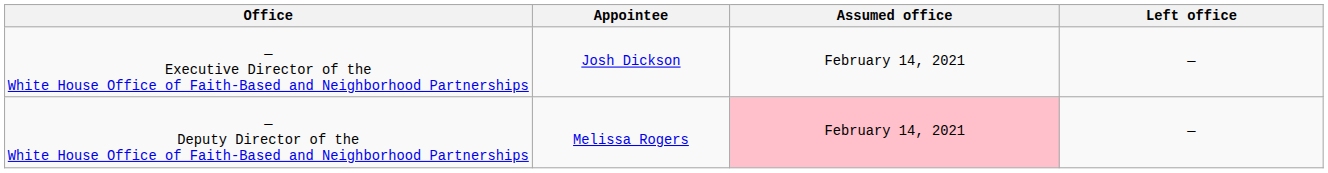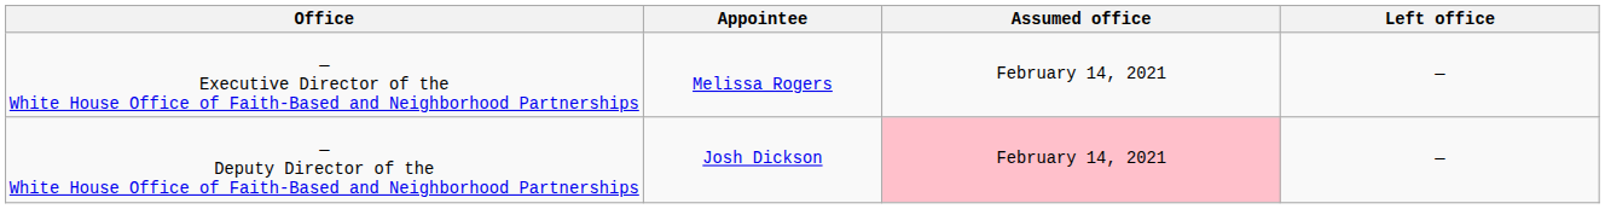 <table class="wikitable sortable" style="text-align:center">
 <tr>
 <th style="width:40%;">Office</th>
 <th style="width:15%;">Appointee</th>
 <th style="width:25%;" data-sort-type="date">Assumed office</th>
 <th style="width:20%;" data-sort-type="date">Left office</th>
 </tr>
 <tr>
 <td><br>—<br>Executive Director of the<br><a href='#'>White House Office of Faith-Based and Neighborhood Partnerships</a></td>
-<td><a href='#'>Josh Dickson</a></td>
+<td><br><a href='#'>Melissa Rogers</a></td>
 <td>February 14, 2021</td>
 <td>—</td>
 </tr>
 <tr>
 <td><br>—<br>Deputy Director of the<br><a href='#'>White House Office of Faith-Based and Neighborhood Partnerships</a></td>
-<td><br><a href='#'>Melissa Rogers</a></td>
+<td><a href='#'>Josh Dickson</a></td>
 <td style="background: pink;">February 14, 2021</td>
 <td>—</td>
 </tr>
 </table>
